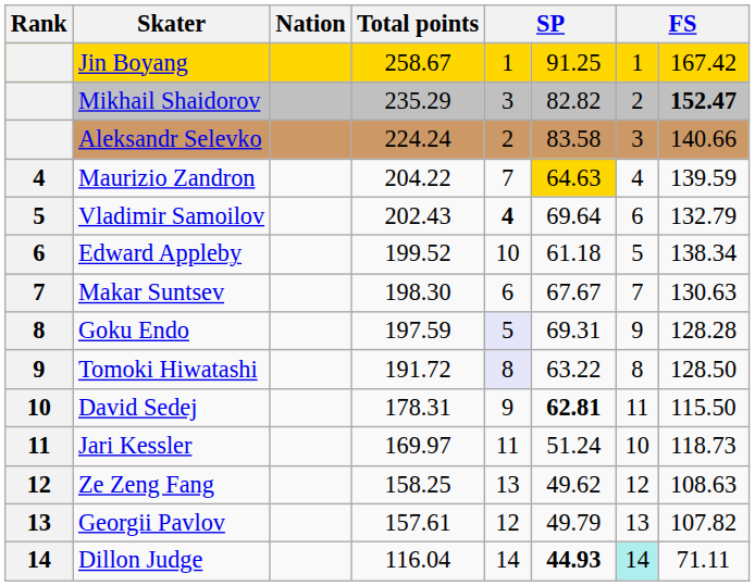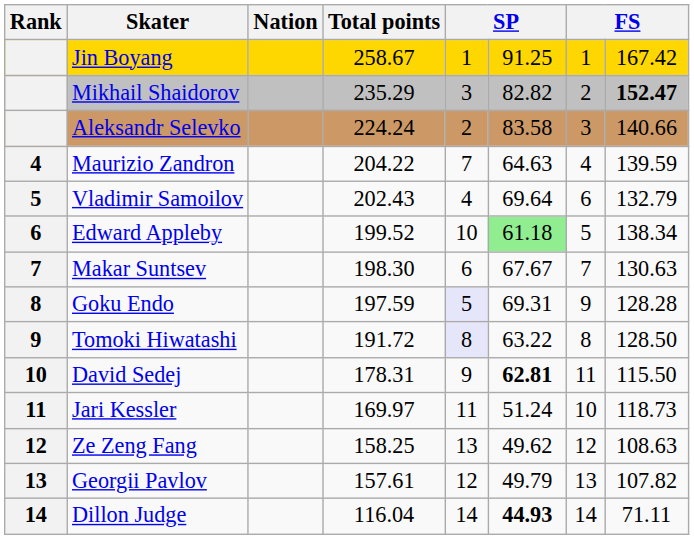 <table class="wikitable sortable" style="text-align:left">
 <tr>
 <th scope="col">Rank</th>
 <th scope="col">Skater</th>
 <th scope="col">Nation</th>
 <th scope="col">Total points</th>
 <th scope="col" colspan="2" width="80px"><a href='#'>SP</a></th>
 <th scope="col" colspan="2" width="80px"><a href='#'>FS</a></th>
 </tr>
 <tr bgcolor="gold">
 <th scope="row"></th>
 <td><a href='#'>Jin Boyang</a></td>
 <td></td>
 <td align="center">258.67</td>
 <td align="center">1</td>
 <td align="center">91.25</td>
 <td align="center">1</td>
 <td align="center">167.42</td>
 </tr>
 <tr bgcolor="silver">
 <th scope="row"></th>
 <td><a href='#'>Mikhail Shaidorov</a></td>
 <td></td>
 <td align="center">235.29</td>
 <td align="center">3</td>
 <td align="center">82.82</td>
 <td align="center">2</td>
 <td align="center"><strong>152.47</strong></td>
 </tr>
 <tr bgcolor="cc9966">
 <th scope="row"></th>
 <td><a href='#'>Aleksandr Selevko</a></td>
 <td></td>
 <td align="center">224.24</td>
 <td align="center">2</td>
 <td align="center">83.58</td>
 <td align="center">3</td>
 <td align="center">140.66</td>
 </tr>
 <tr>
 <th scope="row">4</th>
 <td><a href='#'>Maurizio Zandron</a></td>
 <td></td>
 <td align="center">204.22</td>
 <td align="center">7</td>
-<td align="center" style="background: gold;">64.63</td>
+<td align="center">64.63</td>
 <td align="center">4</td>
 <td align="center">139.59</td>
 </tr>
 <tr>
 <th scope="row">5</th>
 <td><a href='#'>Vladimir Samoilov</a></td>
 <td></td>
 <td align="center">202.43</td>
-<td align="center"><strong>4</strong></td>
+<td align="center">4</td>
 <td align="center">69.64</td>
 <td align="center">6</td>
 <td align="center">132.79</td>
 </tr>
 <tr>
 <th scope="row">6</th>
 <td><a href='#'>Edward Appleby</a></td>
 <td></td>
 <td align="center">199.52</td>
 <td align="center">10</td>
-<td align="center">61.18</td>
+<td align="center" style="background: lightgreen;">61.18</td>
 <td align="center">5</td>
 <td align="center">138.34</td>
 </tr>
 <tr>
 <th scope="row">7</th>
 <td><a href='#'>Makar Suntsev</a></td>
 <td></td>
 <td align="center">198.30</td>
 <td align="center">6</td>
 <td align="center">67.67</td>
 <td align="center">7</td>
 <td align="center">130.63</td>
 </tr>
 <tr>
 <th scope="row">8</th>
 <td><a href='#'>Goku Endo</a></td>
 <td></td>
 <td align="center">197.59</td>
 <td align="center" style="background: lavender;">5</td>
 <td align="center">69.31</td>
 <td align="center">9</td>
 <td align="center">128.28</td>
 </tr>
 <tr>
 <th scope="row">9</th>
 <td><a href='#'>Tomoki Hiwatashi</a></td>
 <td></td>
 <td align="center">191.72</td>
 <td align="center" style="background: lavender;">8</td>
 <td align="center">63.22</td>
 <td align="center">8</td>
 <td align="center">128.50</td>
 </tr>
 <tr>
 <th scope="row">10</th>
 <td><a href='#'>David Sedej</a></td>
 <td></td>
 <td align="center">178.31</td>
 <td align="center">9</td>
 <td align="center"><strong>62.81</strong></td>
 <td align="center">11</td>
 <td align="center">115.50</td>
 </tr>
 <tr>
 <th scope="row">11</th>
 <td><a href='#'>Jari Kessler</a></td>
 <td></td>
 <td align="center">169.97</td>
 <td align="center">11</td>
 <td align="center">51.24</td>
 <td align="center">10</td>
 <td align="center">118.73</td>
 </tr>
 <tr>
 <th scope="row">12</th>
 <td><a href='#'>Ze Zeng Fang</a></td>
 <td></td>
 <td align="center">158.25</td>
 <td align="center">13</td>
 <td align="center">49.62</td>
 <td align="center">12</td>
 <td align="center">108.63</td>
 </tr>
 <tr>
 <th scope="row">13</th>
 <td><a href='#'>Georgii Pavlov</a></td>
 <td></td>
 <td align="center">157.61</td>
 <td align="center">12</td>
 <td align="center">49.79</td>
 <td align="center">13</td>
 <td align="center">107.82</td>
 </tr>
 <tr>
 <th scope="row">14</th>
 <td><a href='#'>Dillon Judge</a></td>
 <td></td>
 <td align="center">116.04</td>
 <td align="center">14</td>
 <td align="center"><strong>44.93</strong></td>
-<td align="center" style="background: paleturquoise;">14</td>
+<td align="center">14</td>
 <td align="center">71.11</td>
 </tr>
 </table>
